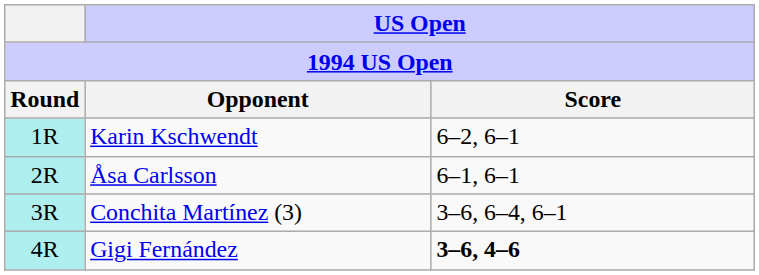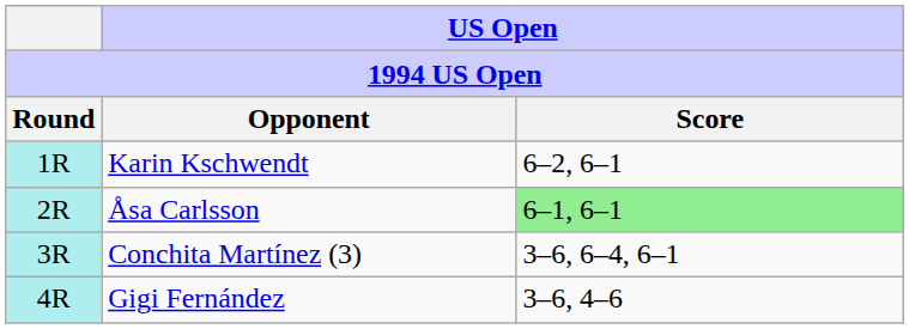 <table class="wikitable collapsible collapsed">
 <tr>
 <th></th>
 <th colspan=2 style="background:#ccf;"><a href='#'>US Open</a></th>
 </tr>
 <tr>
 <th colspan=3 style="background:#ccf;"><a href='#'>1994 US Open</a></th>
 </tr>
 <tr>
 <th>Round</th>
 <th width=225>Opponent</th>
 <th width=210>Score</th>
 </tr>
 <tr>
 <td style="text-align:center; background:#afeeee;">1R</td>
 <td> <a href='#'>Karin Kschwendt</a></td>
 <td>6–2, 6–1</td>
 </tr>
 <tr>
 <td style="text-align:center; background:#afeeee;">2R</td>
 <td> <a href='#'>Åsa Carlsson</a></td>
-<td>6–1, 6–1</td>
+<td style="background: lightgreen;">6–1, 6–1</td>
 </tr>
 <tr>
 <td style="text-align:center; background:#afeeee;">3R</td>
 <td> <a href='#'>Conchita Martínez</a> (3)</td>
 <td>3–6, 6–4, 6–1</td>
 </tr>
 <tr>
 <td style="text-align:center; background:#afeeee;">4R</td>
 <td> <a href='#'>Gigi Fernández</a></td>
-<td><strong>3–6, 4–6</strong></td>
+<td>3–6, 4–6</td>
 </tr>
 </table>
